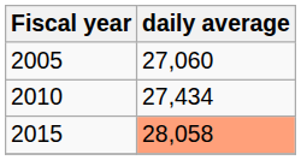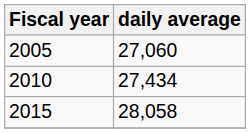 <table class="wikitable">
 <tr>
 <th>Fiscal year</th>
 <th>daily average</th>
 </tr>
 <tr>
 <td>2005</td>
 <td>27,060</td>
 </tr>
 <tr>
 <td>2010</td>
 <td>27,434</td>
 </tr>
 <tr>
 <td>2015</td>
-<td style="background: lightsalmon;">28,058</td>
+<td>28,058</td>
 </tr>
 <tr>
 </tr>
 </table>
